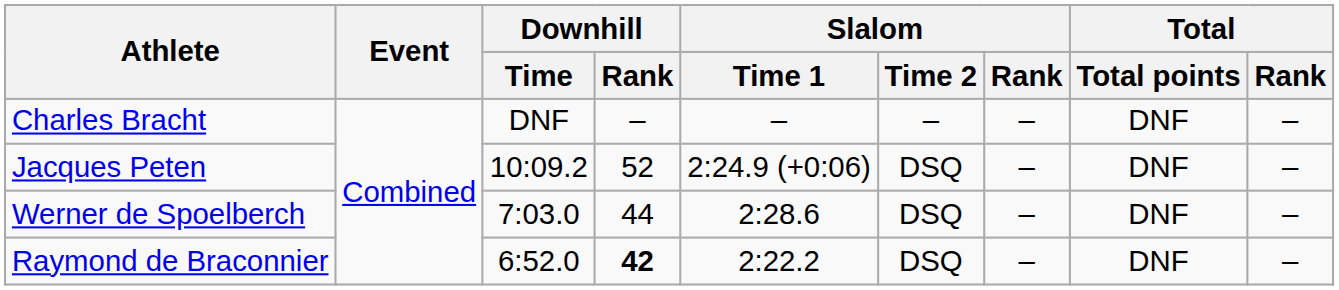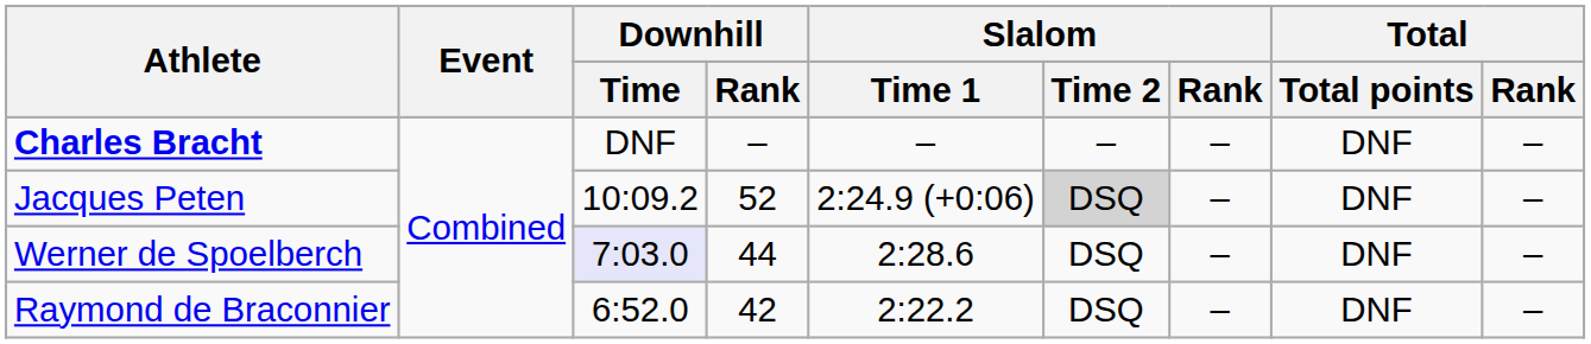 <table class="wikitable" style="font-size:90%">
 <tr>
 <th rowspan="2">Athlete</th>
 <th rowspan="2">Event</th>
 <th colspan="2">Downhill</th>
 <th colspan="3">Slalom</th>
 <th colspan="2">Total</th>
 </tr>
 <tr>
 <th>Time</th>
 <th>Rank</th>
 <th>Time 1</th>
 <th>Time 2</th>
 <th>Rank</th>
 <th>Total points</th>
 <th>Rank</th>
 </tr>
 <tr>
-<td><a href='#'>Charles Bracht</a></td>
+<td><strong><a href='#'>Charles Bracht</a></strong></td>
 <td rowspan="4"><a href='#'>Combined</a></td>
 <td align="center">DNF</td>
 <td align="center">–</td>
 <td align="center">–</td>
 <td align="center">–</td>
 <td align="center">–</td>
 <td align="center">DNF</td>
 <td align="center">–</td>
 </tr>
 <tr>
 <td><a href='#'>Jacques Peten</a></td>
 <td align="center">10:09.2</td>
 <td align="center">52</td>
 <td align="center">2:24.9 (+0:06)</td>
-<td align="center">DSQ</td>
+<td align="center" style="background: lightgrey;">DSQ</td>
 <td align="center">–</td>
 <td align="center">DNF</td>
 <td align="center">–</td>
 </tr>
 <tr>
 <td><a href='#'>Werner de Spoelberch</a></td>
-<td align="center">7:03.0</td>
+<td align="center" style="background: lavender;">7:03.0</td>
 <td align="center">44</td>
 <td align="center">2:28.6</td>
 <td align="center">DSQ</td>
 <td align="center">–</td>
 <td align="center">DNF</td>
 <td align="center">–</td>
 </tr>
 <tr>
 <td><a href='#'>Raymond de Braconnier</a></td>
 <td align="center">6:52.0</td>
-<td align="center"><strong>42</strong></td>
+<td align="center">42</td>
 <td align="center">2:22.2</td>
 <td align="center">DSQ</td>
 <td align="center">–</td>
 <td align="center">DNF</td>
 <td align="center">–</td>
 </tr>
 </table>
